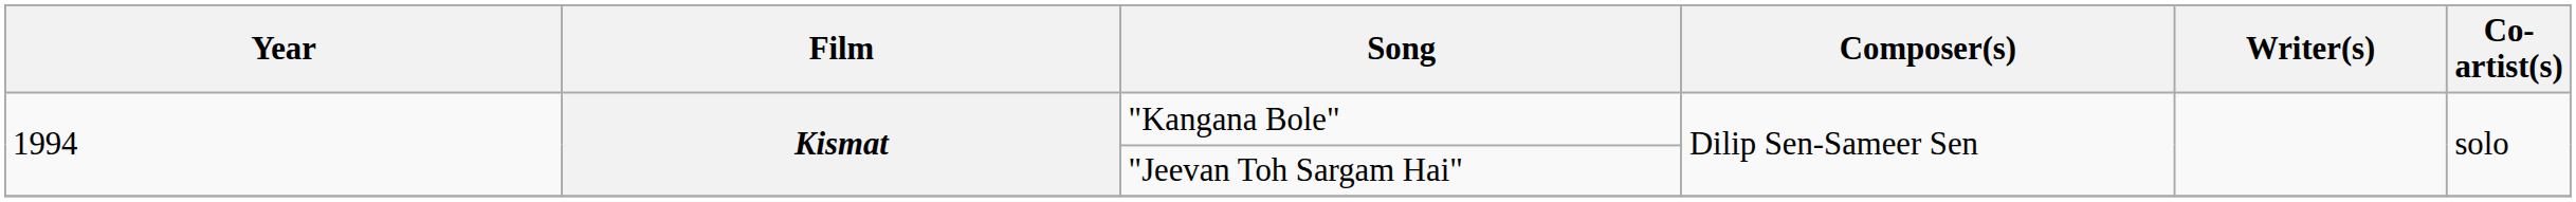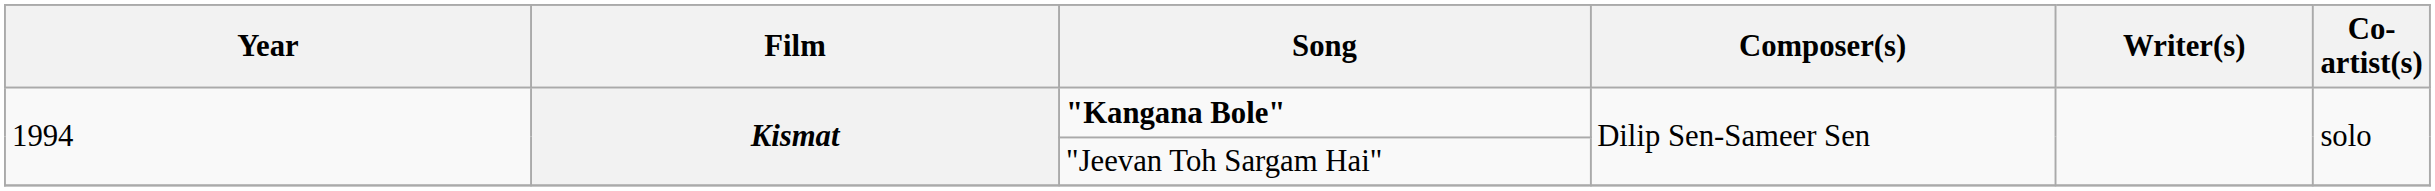 <table class="wikitable plainrowheaders" width="100%" textcolor:#000;">
 <tr style="background:#b0e0e66;">
 <th scope="col" width=23%><strong>Year</strong></th>
 <th scope="col" width=23%><strong>Film</strong></th>
 <th scope="col" width=23%><strong>Song</strong></th>
 <th scope="col" width=20%><strong>Composer(s)</strong></th>
 <th scope="col" width=16%><strong>Writer(s)</strong></th>
 <th scope="col" width=18%><strong>Co-artist(s)</strong></th>
 </tr>
 <tr>
 <td rowspan=2>1994</td>
 <th rowspan=2><em>Kismat</em></th>
-<td>"Kangana Bole"</td>
+<td><strong>"Kangana Bole"</strong></td>
 <td rowspan=2>Dilip Sen-Sameer Sen</td>
 <td rowspan=2></td>
 <td rowspan=2>solo</td>
 </tr>
 <tr>
 <td>"Jeevan Toh Sargam Hai"</td>
 </tr>
 <tr>
 </tr>
 </table>
